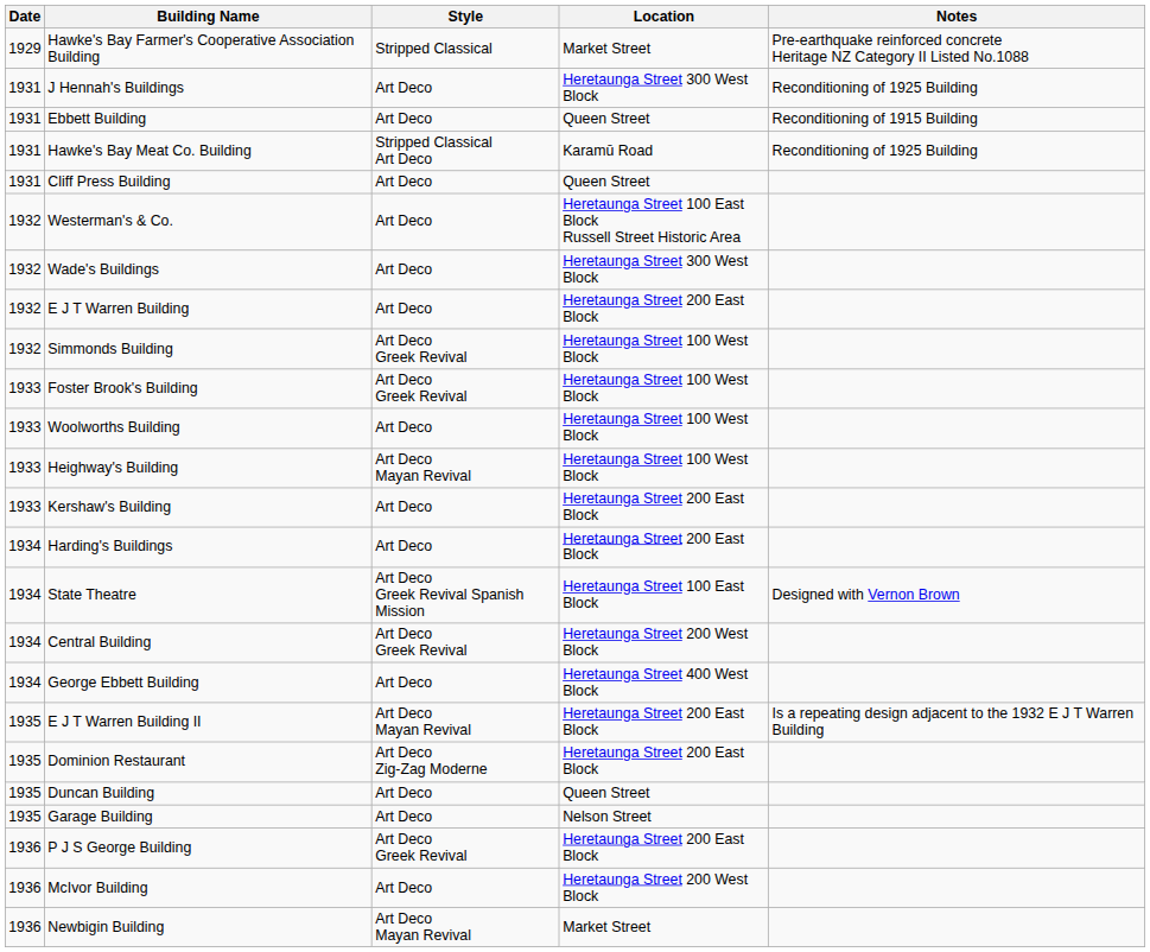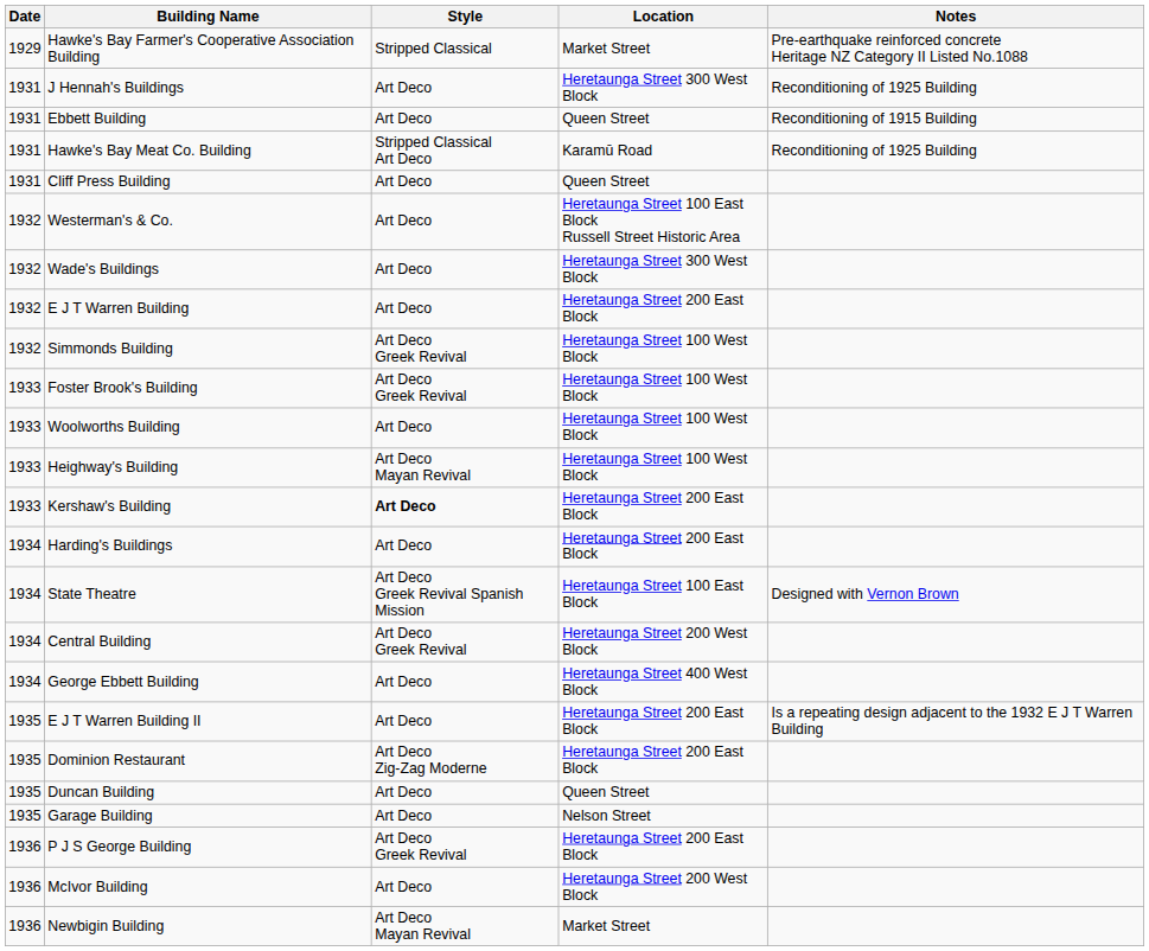 <table class="wikitable">
 <tr>
 <th>Date</th>
 <th>Building Name</th>
 <th>Style</th>
 <th>Location</th>
 <th>Notes</th>
 </tr>
 <tr>
 <td>1929</td>
 <td>Hawke's Bay Farmer's Cooperative Association Building</td>
 <td>Stripped Classical</td>
 <td>Market Street</td>
 <td>Pre-earthquake reinforced concrete<br>Heritage NZ Category II Listed No.1088</td>
 </tr>
 <tr>
 <td>1931</td>
 <td>J Hennah's Buildings</td>
 <td>Art Deco</td>
 <td><a href='#'>Heretaunga Street</a> 300 West Block</td>
 <td>Reconditioning of 1925 Building</td>
 </tr>
 <tr>
 <td>1931</td>
 <td>Ebbett Building</td>
 <td>Art Deco</td>
 <td>Queen Street</td>
 <td>Reconditioning of 1915 Building</td>
 </tr>
 <tr>
 <td>1931</td>
 <td>Hawke's Bay Meat Co. Building</td>
 <td>Stripped Classical<br>Art Deco</td>
 <td>Karamū Road</td>
 <td>Reconditioning of 1925 Building</td>
 </tr>
 <tr>
 <td>1931</td>
 <td>Cliff Press Building</td>
 <td>Art Deco</td>
 <td>Queen Street</td>
 <td></td>
 </tr>
 <tr>
 <td>1932</td>
 <td>Westerman's & Co.</td>
 <td>Art Deco</td>
 <td><a href='#'>Heretaunga Street</a> 100 East Block<br>Russell Street Historic Area</td>
 <td></td>
 </tr>
 <tr>
 <td>1932</td>
 <td>Wade's Buildings</td>
 <td>Art Deco</td>
 <td><a href='#'>Heretaunga Street</a> 300 West Block</td>
 <td></td>
 </tr>
 <tr>
 <td>1932</td>
 <td>E J T Warren Building</td>
 <td>Art Deco</td>
 <td><a href='#'>Heretaunga Street</a> 200 East Block</td>
 <td></td>
 </tr>
 <tr>
 <td>1932</td>
 <td>Simmonds Building</td>
 <td>Art Deco<br>Greek Revival</td>
 <td><a href='#'>Heretaunga Street</a> 100 West Block</td>
 <td></td>
 </tr>
 <tr>
 <td>1933</td>
 <td>Foster Brook's Building</td>
 <td>Art Deco<br>Greek Revival</td>
 <td><a href='#'>Heretaunga Street</a> 100 West Block</td>
 <td></td>
 </tr>
 <tr>
 <td>1933</td>
 <td>Woolworths Building</td>
 <td>Art Deco</td>
 <td><a href='#'>Heretaunga Street</a> 100 West Block</td>
 <td></td>
 </tr>
 <tr>
 <td>1933</td>
 <td>Heighway's Building</td>
 <td>Art Deco<br>Mayan Revival</td>
 <td><a href='#'>Heretaunga Street</a> 100 West Block</td>
 <td></td>
 </tr>
 <tr>
 <td>1933</td>
 <td>Kershaw's Building</td>
-<td>Art Deco</td>
+<td><strong>Art Deco</strong></td>
 <td><a href='#'>Heretaunga Street</a> 200 East Block</td>
 <td></td>
 </tr>
 <tr>
 <td>1934</td>
 <td>Harding's Buildings</td>
 <td>Art Deco</td>
 <td><a href='#'>Heretaunga Street</a> 200 East Block</td>
 <td></td>
 </tr>
 <tr>
 <td>1934</td>
 <td>State Theatre</td>
 <td>Art Deco<br>Greek Revival Spanish Mission</td>
 <td><a href='#'>Heretaunga Street</a> 100 East Block</td>
 <td>Designed with <a href='#'>Vernon Brown</a></td>
 </tr>
 <tr>
 <td>1934</td>
 <td>Central Building</td>
 <td>Art Deco<br>Greek Revival</td>
 <td><a href='#'>Heretaunga Street</a> 200 West Block</td>
 <td></td>
 </tr>
 <tr>
 <td>1934</td>
 <td>George Ebbett Building</td>
 <td>Art Deco</td>
 <td><a href='#'>Heretaunga Street</a> 400 West Block</td>
 <td></td>
 </tr>
 <tr>
 <td>1935</td>
 <td>E J T Warren Building II</td>
-<td>Art Deco<br>Mayan Revival</td>
+<td>Art Deco</td>
 <td><a href='#'>Heretaunga Street</a> 200 East Block</td>
 <td>Is a repeating design adjacent to the 1932 E J T Warren Building</td>
 </tr>
 <tr>
 <td>1935</td>
 <td>Dominion Restaurant</td>
 <td>Art Deco<br>Zig-Zag Moderne</td>
 <td><a href='#'>Heretaunga Street</a> 200 East Block</td>
 <td></td>
 </tr>
 <tr>
 <td>1935</td>
 <td>Duncan Building</td>
 <td>Art Deco</td>
 <td>Queen Street</td>
 <td></td>
 </tr>
 <tr>
 <td>1935</td>
 <td>Garage Building</td>
 <td>Art Deco</td>
 <td>Nelson Street</td>
 <td></td>
 </tr>
 <tr>
 <td>1936</td>
 <td>P J S George Building</td>
 <td>Art Deco<br>Greek Revival</td>
 <td><a href='#'>Heretaunga Street</a> 200 East Block</td>
 <td></td>
 </tr>
 <tr>
 <td>1936</td>
 <td>McIvor Building</td>
 <td>Art Deco</td>
 <td><a href='#'>Heretaunga Street</a> 200 West Block</td>
 <td></td>
 </tr>
 <tr>
 <td>1936</td>
 <td>Newbigin Building</td>
 <td>Art Deco<br>Mayan Revival</td>
 <td>Market Street</td>
 <td></td>
 </tr>
 </table>
